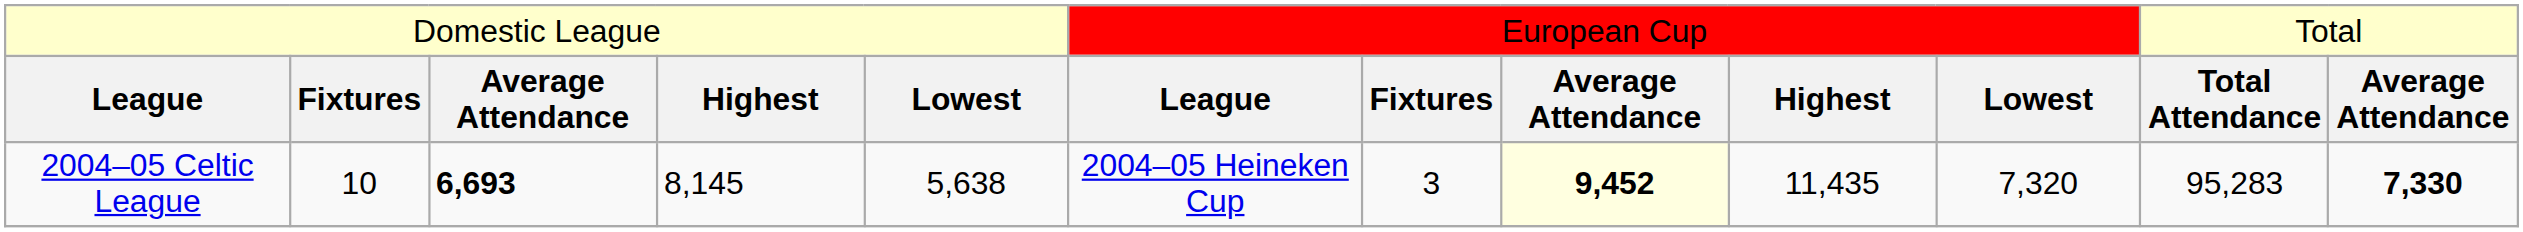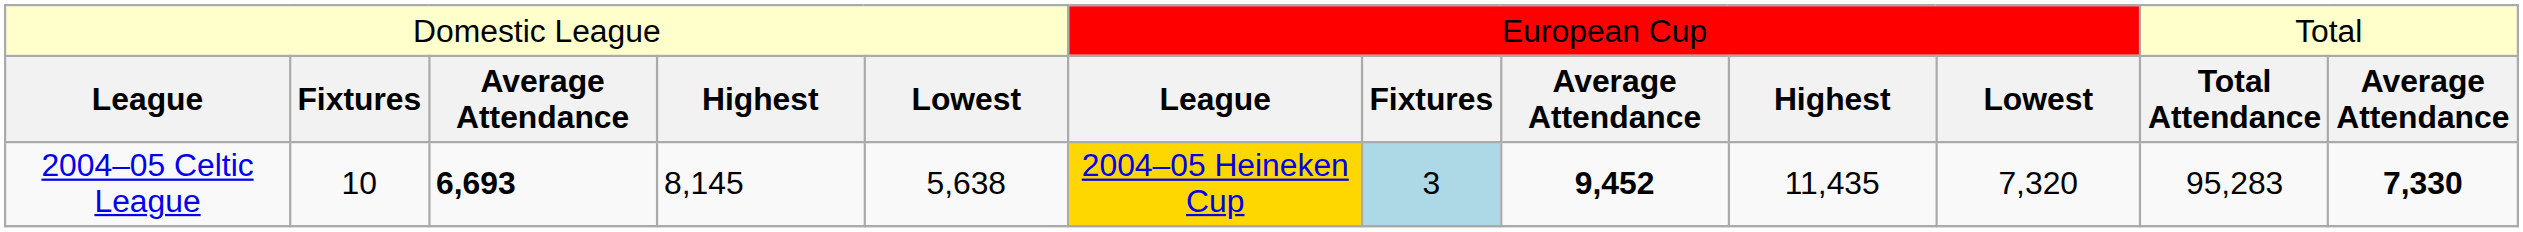 <table class="wikitable sortable" style="font-size:90%; width:90%;">
 <tr>
 <td colspan="5" class="wikitable sortable" style="width:45%; background:#ffffcc; text-align:center;"><span>Domestic League</span></td>
 <td colspan="5" class="wikitable sortable" style="width:45%; background:#f00; text-align:center;"><span>European Cup</span></td>
 <td colspan="2" class="wikitable sortable" style="width:45%; background:#ffffcc; text-align:center;"><span>Total</span></td>
 </tr>
 <tr>
 <th style="width:15%;">League</th>
 <th style="width:5%;">Fixtures</th>
 <th style="width:10%;">Average Attendance</th>
 <th style="width:10%;">Highest</th>
 <th style="width:10%;">Lowest</th>
 <th style="width:15%;">League</th>
 <th style="width:5%;">Fixtures</th>
 <th style="width:10%;">Average Attendance</th>
 <th style="width:10%;">Highest</th>
 <th style="width:10%;">Lowest</th>
 <th style="width:10%;">Total Attendance</th>
 <th style="width:10%;">Average Attendance</th>
 </tr>
 <tr>
 <td align=center><a href='#'>2004–05 Celtic League</a></td>
 <td align=center>10</td>
 <td style=align=center><strong>6,693</strong></td>
 <td style= align=center>8,145</td>
 <td align=center>5,638</td>
-<td align=center><a href='#'>2004–05 Heineken Cup</a></td>
-<td align=center>3</td>
-<td align=center style="background: lightyellow;"><strong>9,452</strong></td>
+<td align=center style="background: gold;"><a href='#'>2004–05 Heineken Cup</a></td>
+<td align=center style="background: lightblue;">3</td>
+<td align=center><strong>9,452</strong></td>
 <td align=center>11,435</td>
 <td align=center>7,320</td>
 <td align=center>95,283</td>
 <td align=center><strong>7,330</strong></td>
 </tr>
 <tr>
 </tr>
 </table>
